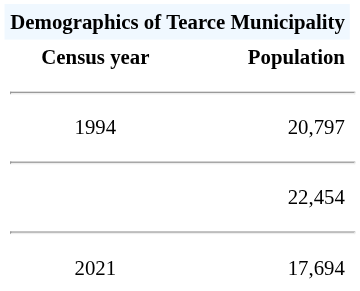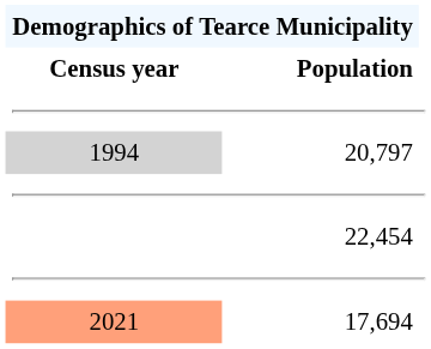 <table class="toccolours" align="center" cellpadding="4" cellspacing="0" style="margin:0 0 1em 1em; font-size: 95%;">
 <tr>
 <th colspan=2 bgcolor="#F0F8FF" align="center">Demographics of <strong>Tearce Municipality</strong></th>
 <th></th>
 </tr>
 <tr>
 <th align="center">Census year</th>
 <th align="right">Population</th>
 </tr>
 <tr>
 <td colspan=3><hr></td>
 </tr>
 <tr>
-<td align="center">1994</td>
+<td align="center" style="background: lightgrey;">1994</td>
 <td align="right">20,797</td>
 </tr>
 <tr>
 <td colspan=3><hr></td>
 </tr>
 <tr>
 <td align="center"></td>
 <td align="right">22,454</td>
 </tr>
 <tr>
 <td colspan=3><hr></td>
 </tr>
 <tr>
-<td align="center">2021</td>
+<td align="center" style="background: lightsalmon;">2021</td>
 <td align="right">17,694</td>
 </tr>
 <tr>
 </tr>
 </table>
